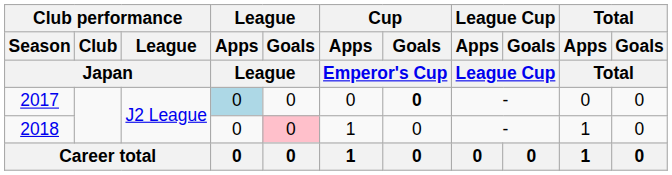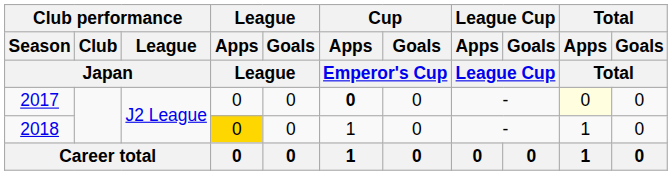 <table class="wikitable" style="text-align:center;">
 <tr>
 <th colspan=3>Club performance</th>
 <th colspan=2>League</th>
 <th colspan=2>Cup</th>
 <th colspan=2>League Cup</th>
 <th colspan=2>Total</th>
 </tr>
 <tr>
 <th>Season</th>
 <th>Club</th>
 <th>League</th>
 <th>Apps</th>
 <th>Goals</th>
 <th>Apps</th>
 <th>Goals</th>
 <th>Apps</th>
 <th>Goals</th>
 <th>Apps</th>
 <th>Goals</th>
 </tr>
 <tr>
 <th colspan=3>Japan</th>
 <th colspan=2>League</th>
 <th colspan=2><a href='#'>Emperor's Cup</a></th>
 <th colspan=2><a href='#'>League Cup</a></th>
 <th colspan=2>Total</th>
 </tr>
 <tr>
 <td><a href='#'>2017</a></td>
 <td rowspan="2"></td>
 <td rowspan="2"><a href='#'>J2 League</a></td>
-<td style="background: lightblue;">0</td>
 <td>0</td>
 <td>0</td>
 <td><strong>0</strong></td>
+<td>0</td>
 <td colspan=2>-</td>
-<td>0</td>
+<td style="background: lightyellow;">0</td>
 <td>0</td>
 </tr>
 <tr>
 <td><a href='#'>2018</a></td>
+<td style="background: gold;">0</td>
 <td>0</td>
-<td style="background: pink;">0</td>
 <td>1</td>
 <td>0</td>
 <td colspan=2>-</td>
 <td>1</td>
 <td>0</td>
 </tr>
 <tr>
 <th colspan=3>Career total</th>
 <th>0</th>
 <th>0</th>
 <th>1</th>
 <th>0</th>
 <th>0</th>
 <th>0</th>
 <th>1</th>
 <th>0</th>
 </tr>
 </table>
